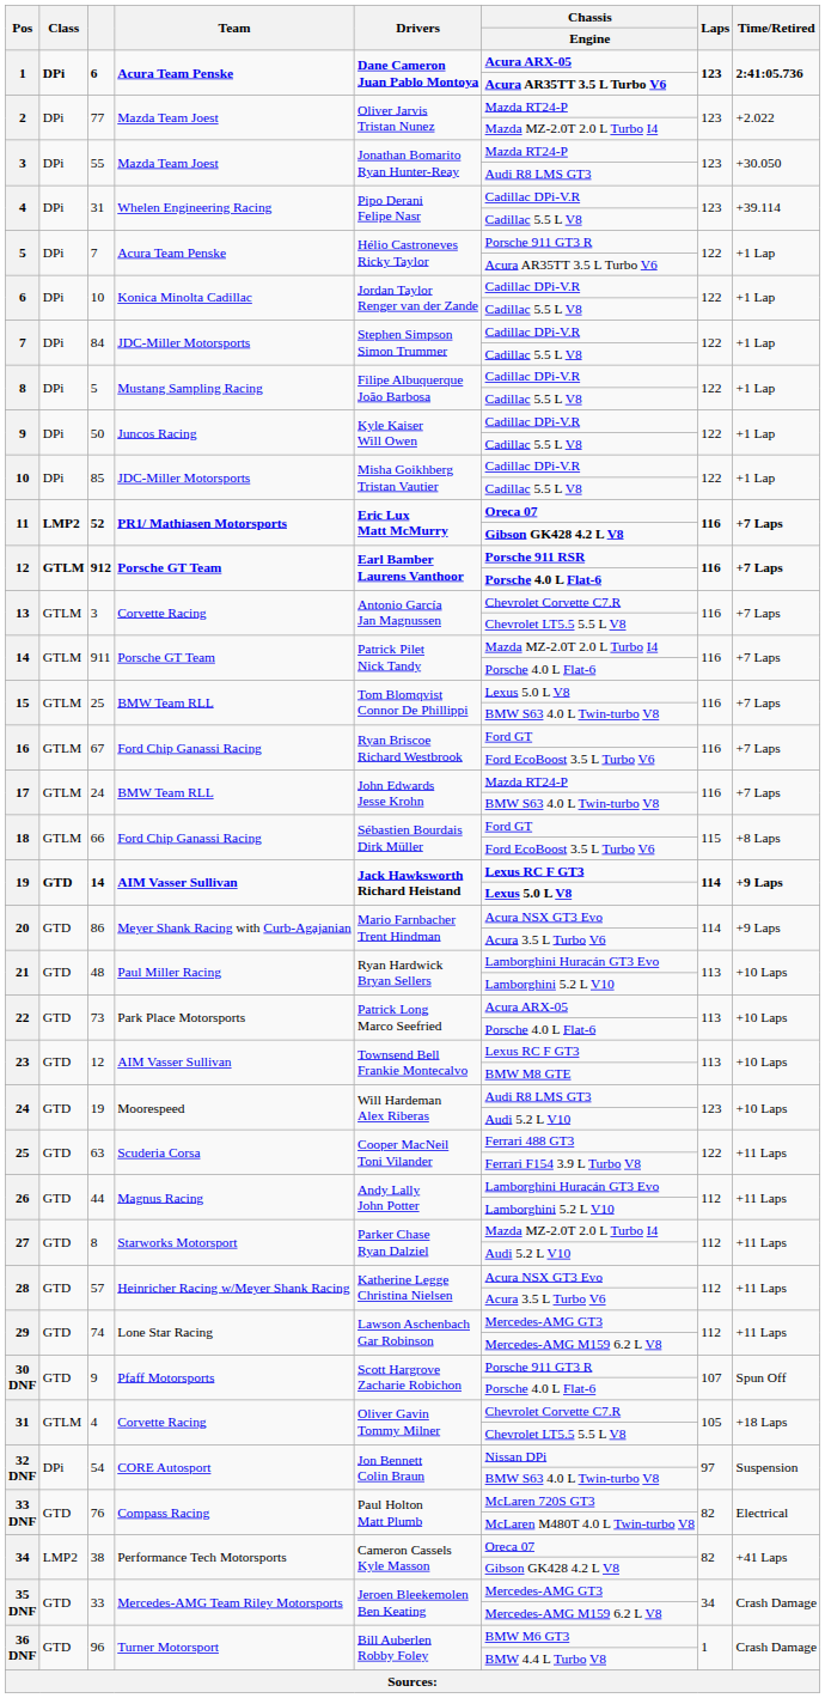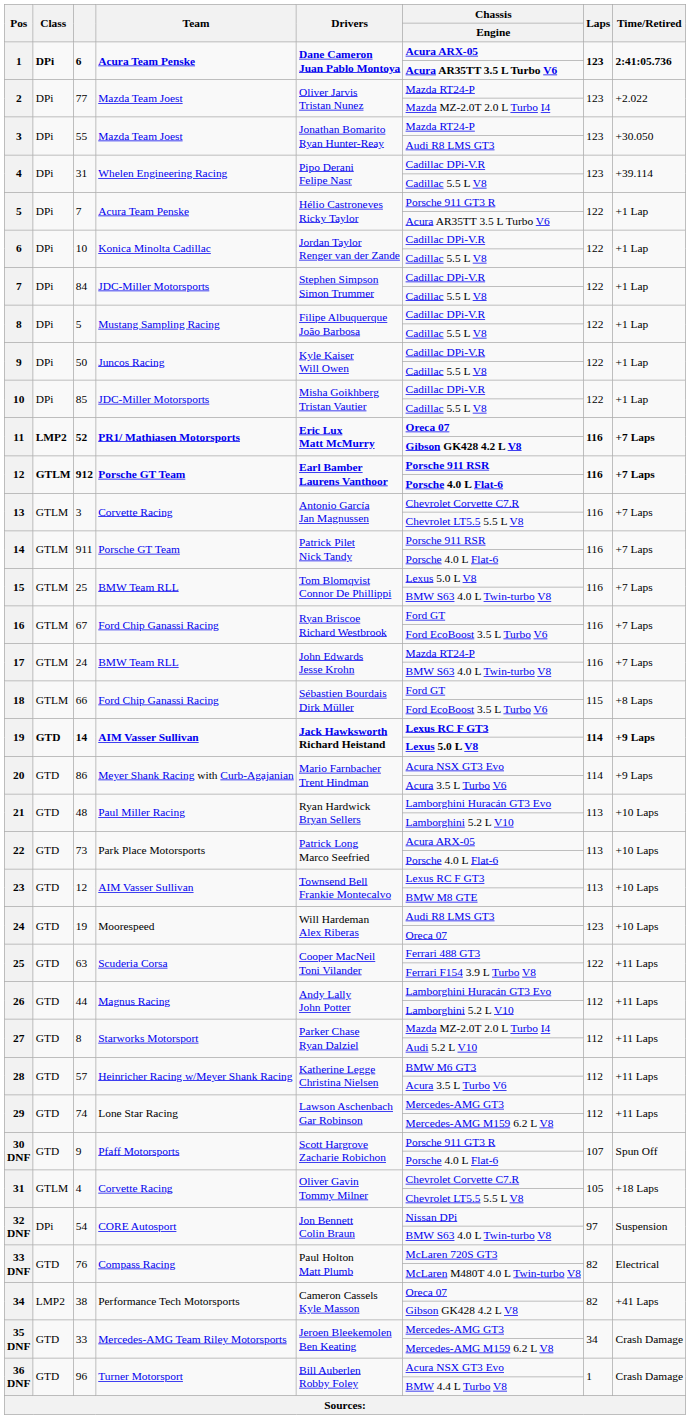 <table class="wikitable" style="font-size: 95%;">
 <tr>
 <th rowspan=2>Pos</th>
 <th rowspan=2>Class</th>
 <th rowspan=2></th>
 <th rowspan=2>Team</th>
 <th rowspan=2>Drivers</th>
 <th>Chassis</th>
 <th rowspan=2>Laps</th>
 <th rowspan=2>Time/Retired</th>
 </tr>
 <tr>
 <th>Engine</th>
 </tr>
 <tr style="font-weight:bold">
 <th rowspan=2>1</th>
 <td rowspan=2>DPi</td>
 <td rowspan=2>6</td>
 <td rowspan=2> <a href='#'>Acura Team Penske</a></td>
 <td rowspan=2> <a href='#'>Dane Cameron</a><br> <a href='#'>Juan Pablo Montoya</a></td>
 <td><a href='#'>Acura ARX-05</a></td>
 <td rowspan=2>123</td>
 <td rowspan=2>2:41:05.736</td>
 </tr>
 <tr style="font-weight:bold">
 <td><a href='#'>Acura</a> AR35TT 3.5 L Turbo <a href='#'>V6</a></td>
 </tr>
 <tr>
 <th rowspan=2>2</th>
 <td rowspan=2>DPi</td>
 <td rowspan=2>77</td>
 <td rowspan=2> <a href='#'>Mazda Team Joest</a></td>
 <td rowspan=2> <a href='#'>Oliver Jarvis</a><br> <a href='#'>Tristan Nunez</a></td>
 <td><a href='#'>Mazda RT24-P</a></td>
 <td rowspan=2>123</td>
 <td rowspan=2>+2.022</td>
 </tr>
 <tr>
 <td><a href='#'>Mazda</a> MZ-2.0T 2.0 L <a href='#'>Turbo</a> <a href='#'>I4</a></td>
 </tr>
 <tr>
 <th rowspan=2>3</th>
 <td rowspan=2>DPi</td>
 <td rowspan=2>55</td>
 <td rowspan=2> <a href='#'>Mazda Team Joest</a></td>
 <td rowspan=2> <a href='#'>Jonathan Bomarito</a><br> <a href='#'>Ryan Hunter-Reay</a></td>
 <td><a href='#'>Mazda RT24-P</a></td>
 <td rowspan=2>123</td>
 <td rowspan=2>+30.050</td>
 </tr>
 <tr>
 <td><a href='#'>Audi R8 LMS GT3</a></td>
 </tr>
 <tr>
 <th rowspan=2>4</th>
 <td rowspan=2>DPi</td>
 <td rowspan=2>31</td>
 <td rowspan=2> <a href='#'>Whelen Engineering Racing</a></td>
 <td rowspan=2> <a href='#'>Pipo Derani</a><br> <a href='#'>Felipe Nasr</a></td>
 <td><a href='#'>Cadillac DPi-V.R</a></td>
 <td rowspan=2>123</td>
 <td rowspan=2>+39.114</td>
 </tr>
 <tr>
 <td><a href='#'>Cadillac</a> 5.5 L <a href='#'>V8</a></td>
 </tr>
 <tr>
 <th rowspan=2>5</th>
 <td rowspan=2>DPi</td>
 <td rowspan=2>7</td>
 <td rowspan=2> <a href='#'>Acura Team Penske</a></td>
 <td rowspan=2> <a href='#'>Hélio Castroneves</a><br> <a href='#'>Ricky Taylor</a></td>
 <td><a href='#'>Porsche 911 GT3 R</a></td>
 <td rowspan=2>122</td>
 <td rowspan=2>+1 Lap</td>
 </tr>
 <tr>
 <td><a href='#'>Acura</a> AR35TT 3.5 L Turbo <a href='#'>V6</a></td>
 </tr>
 <tr>
 <th rowspan=2>6</th>
 <td rowspan=2>DPi</td>
 <td rowspan=2>10</td>
 <td rowspan=2> <a href='#'>Konica Minolta Cadillac</a></td>
 <td rowspan=2> <a href='#'>Jordan Taylor</a><br> <a href='#'>Renger van der Zande</a></td>
 <td><a href='#'>Cadillac DPi-V.R</a></td>
 <td rowspan=2>122</td>
 <td rowspan=2>+1 Lap</td>
 </tr>
 <tr>
 <td><a href='#'>Cadillac</a> 5.5 L <a href='#'>V8</a></td>
 </tr>
 <tr>
 <th rowspan=2>7</th>
 <td rowspan=2>DPi</td>
 <td rowspan=2>84</td>
 <td rowspan=2> <a href='#'>JDC-Miller Motorsports</a></td>
 <td rowspan=2> <a href='#'>Stephen Simpson</a><br> <a href='#'>Simon Trummer</a></td>
 <td><a href='#'>Cadillac DPi-V.R</a></td>
 <td rowspan=2>122</td>
 <td rowspan=2>+1 Lap</td>
 </tr>
 <tr>
 <td><a href='#'>Cadillac</a> 5.5 L <a href='#'>V8</a></td>
 </tr>
 <tr>
 <th rowspan=2>8</th>
 <td rowspan=2>DPi</td>
 <td rowspan=2>5</td>
 <td rowspan=2> <a href='#'>Mustang Sampling Racing</a></td>
 <td rowspan=2> <a href='#'>Filipe Albuquerque</a><br> <a href='#'>João Barbosa</a></td>
 <td><a href='#'>Cadillac DPi-V.R</a></td>
 <td rowspan=2>122</td>
 <td rowspan=2>+1 Lap</td>
 </tr>
 <tr>
 <td><a href='#'>Cadillac</a> 5.5 L <a href='#'>V8</a></td>
 </tr>
 <tr>
 <th rowspan=2>9</th>
 <td rowspan=2>DPi</td>
 <td rowspan=2>50</td>
 <td rowspan=2> <a href='#'>Juncos Racing</a></td>
 <td rowspan=2> <a href='#'>Kyle Kaiser</a><br> <a href='#'>Will Owen</a></td>
 <td><a href='#'>Cadillac DPi-V.R</a></td>
 <td rowspan=2>122</td>
 <td rowspan=2>+1 Lap</td>
 </tr>
 <tr>
 <td><a href='#'>Cadillac</a> 5.5 L <a href='#'>V8</a></td>
 </tr>
 <tr>
 <th rowspan=2>10</th>
 <td rowspan=2>DPi</td>
 <td rowspan=2>85</td>
 <td rowspan=2> <a href='#'>JDC-Miller Motorsports</a></td>
 <td rowspan=2> <a href='#'>Misha Goikhberg</a><br> <a href='#'>Tristan Vautier</a></td>
 <td><a href='#'>Cadillac DPi-V.R</a></td>
 <td rowspan=2>122</td>
 <td rowspan=2>+1 Lap</td>
 </tr>
 <tr>
 <td><a href='#'>Cadillac</a> 5.5 L <a href='#'>V8</a></td>
 </tr>
 <tr style="font-weight:bold">
 <th rowspan=2>11</th>
 <td rowspan=2>LMP2</td>
 <td rowspan=2>52</td>
 <td rowspan=2> <a href='#'>PR1/ Mathiasen Motorsports</a></td>
 <td rowspan=2> <a href='#'>Eric Lux</a><br> <a href='#'>Matt McMurry</a></td>
 <td><a href='#'>Oreca 07</a></td>
 <td rowspan=2>116</td>
 <td rowspan=2>+7 Laps</td>
 </tr>
 <tr style="font-weight:bold">
 <td><a href='#'>Gibson</a> GK428 4.2 L <a href='#'>V8</a></td>
 </tr>
 <tr style="font-weight:bold">
 <th rowspan=2>12</th>
 <td rowspan=2>GTLM</td>
 <td rowspan=2>912</td>
 <td rowspan=2> <a href='#'>Porsche GT Team</a></td>
 <td rowspan=2> <a href='#'>Earl Bamber</a><br> <a href='#'>Laurens Vanthoor</a></td>
 <td><a href='#'>Porsche 911 RSR</a></td>
 <td rowspan=2>116</td>
 <td rowspan=2>+7 Laps</td>
 </tr>
 <tr style="font-weight:bold">
 <td><a href='#'>Porsche</a> 4.0 L <a href='#'>Flat-6</a></td>
 </tr>
 <tr>
 <th rowspan=2>13</th>
 <td rowspan=2>GTLM</td>
 <td rowspan=2>3</td>
 <td rowspan=2> <a href='#'>Corvette Racing</a></td>
 <td rowspan=2> <a href='#'>Antonio García</a><br> <a href='#'>Jan Magnussen</a></td>
 <td><a href='#'>Chevrolet Corvette C7.R</a></td>
 <td rowspan=2>116</td>
 <td rowspan=2>+7 Laps</td>
 </tr>
 <tr>
 <td><a href='#'>Chevrolet LT5.5</a> 5.5 L <a href='#'>V8</a></td>
 </tr>
 <tr>
 <th rowspan=2>14</th>
 <td rowspan=2>GTLM</td>
 <td rowspan=2>911</td>
 <td rowspan=2> <a href='#'>Porsche GT Team</a></td>
 <td rowspan=2> <a href='#'>Patrick Pilet</a><br> <a href='#'>Nick Tandy</a></td>
-<td><a href='#'>Mazda</a> MZ-2.0T 2.0 L <a href='#'>Turbo</a> <a href='#'>I4</a></td>
+<td><a href='#'>Porsche 911 RSR</a></td>
 <td rowspan=2>116</td>
 <td rowspan=2>+7 Laps</td>
 </tr>
 <tr>
 <td><a href='#'>Porsche</a> 4.0 L <a href='#'>Flat-6</a></td>
 </tr>
 <tr>
 <th rowspan=2>15</th>
 <td rowspan=2>GTLM</td>
 <td rowspan=2>25</td>
 <td rowspan=2> <a href='#'>BMW Team RLL</a></td>
 <td rowspan=2> <a href='#'>Tom Blomqvist</a><br> <a href='#'>Connor De Phillippi</a></td>
 <td><a href='#'>Lexus</a> 5.0 L <a href='#'>V8</a></td>
 <td rowspan=2>116</td>
 <td rowspan=2>+7 Laps</td>
 </tr>
 <tr>
 <td><a href='#'>BMW S63</a> 4.0 L <a href='#'>Twin-turbo</a> <a href='#'>V8</a></td>
 </tr>
 <tr>
 <th rowspan=2>16</th>
 <td rowspan=2>GTLM</td>
 <td rowspan=2>67</td>
 <td rowspan=2> <a href='#'>Ford Chip Ganassi Racing</a></td>
 <td rowspan=2> <a href='#'>Ryan Briscoe</a><br> <a href='#'>Richard Westbrook</a></td>
 <td><a href='#'>Ford GT</a></td>
 <td rowspan=2>116</td>
 <td rowspan=2>+7 Laps</td>
 </tr>
 <tr>
 <td><a href='#'>Ford EcoBoost</a> 3.5 L <a href='#'>Turbo</a> <a href='#'>V6</a></td>
 </tr>
 <tr>
 <th rowspan=2>17</th>
 <td rowspan=2>GTLM</td>
 <td rowspan=2>24</td>
 <td rowspan=2> <a href='#'>BMW Team RLL</a></td>
 <td rowspan=2> <a href='#'>John Edwards</a><br> <a href='#'>Jesse Krohn</a></td>
 <td><a href='#'>Mazda RT24-P</a></td>
 <td rowspan=2>116</td>
 <td rowspan=2>+7 Laps</td>
 </tr>
 <tr>
 <td><a href='#'>BMW S63</a> 4.0 L <a href='#'>Twin-turbo</a> <a href='#'>V8</a></td>
 </tr>
 <tr>
 <th rowspan=2>18</th>
 <td rowspan=2>GTLM</td>
 <td rowspan=2>66</td>
 <td rowspan=2> <a href='#'>Ford Chip Ganassi Racing</a></td>
 <td rowspan=2> <a href='#'>Sébastien Bourdais</a><br> <a href='#'>Dirk Müller</a></td>
 <td><a href='#'>Ford GT</a></td>
 <td rowspan=2>115</td>
 <td rowspan=2>+8 Laps</td>
 </tr>
 <tr>
 <td><a href='#'>Ford EcoBoost</a> 3.5 L <a href='#'>Turbo</a> <a href='#'>V6</a></td>
 </tr>
 <tr style="font-weight:bold">
 <th rowspan=2>19</th>
 <td rowspan=2>GTD</td>
 <td rowspan=2>14</td>
 <td rowspan=2> <a href='#'>AIM Vasser Sullivan</a></td>
 <td rowspan=2> <a href='#'>Jack Hawksworth</a><br> Richard Heistand</td>
 <td><a href='#'>Lexus RC F GT3</a></td>
 <td rowspan=2>114</td>
 <td rowspan=2>+9 Laps</td>
 </tr>
 <tr style="font-weight:bold">
 <td><a href='#'>Lexus</a> 5.0 L <a href='#'>V8</a></td>
 </tr>
 <tr>
 <th rowspan=2>20</th>
 <td rowspan=2>GTD</td>
 <td rowspan=2>86</td>
 <td rowspan=2> <a href='#'>Meyer Shank Racing</a> with <a href='#'>Curb-Agajanian</a></td>
 <td rowspan=2> <a href='#'>Mario Farnbacher</a><br> <a href='#'>Trent Hindman</a></td>
 <td><a href='#'>Acura NSX GT3 Evo</a></td>
 <td rowspan=2>114</td>
 <td rowspan=2>+9 Laps</td>
 </tr>
 <tr>
 <td><a href='#'>Acura</a> 3.5 L <a href='#'>Turbo</a> <a href='#'>V6</a></td>
 </tr>
 <tr>
 <th rowspan=2>21</th>
 <td rowspan=2>GTD</td>
 <td rowspan=2>48</td>
 <td rowspan=2> <a href='#'>Paul Miller Racing</a></td>
 <td rowspan=2> Ryan Hardwick<br> <a href='#'>Bryan Sellers</a></td>
 <td><a href='#'>Lamborghini Huracán GT3 Evo</a></td>
 <td rowspan=2>113</td>
 <td rowspan=2>+10 Laps</td>
 </tr>
 <tr>
 <td><a href='#'>Lamborghini</a> 5.2 L <a href='#'>V10</a></td>
 </tr>
 <tr>
 <th rowspan=2>22</th>
 <td rowspan=2>GTD</td>
 <td rowspan=2>73</td>
 <td rowspan=2> Park Place Motorsports</td>
 <td rowspan=2> <a href='#'>Patrick Long</a><br> Marco Seefried</td>
 <td><a href='#'>Acura ARX-05</a></td>
 <td rowspan=2>113</td>
 <td rowspan=2>+10 Laps</td>
 </tr>
 <tr>
 <td><a href='#'>Porsche</a> 4.0 L <a href='#'>Flat-6</a></td>
 </tr>
 <tr>
 <th rowspan=2>23</th>
 <td rowspan=2>GTD</td>
 <td rowspan=2>12</td>
 <td rowspan=2> <a href='#'>AIM Vasser Sullivan</a></td>
 <td rowspan=2> <a href='#'>Townsend Bell</a><br> <a href='#'>Frankie Montecalvo</a></td>
 <td><a href='#'>Lexus RC F GT3</a></td>
 <td rowspan=2>113</td>
 <td rowspan=2>+10 Laps</td>
 </tr>
 <tr>
 <td><a href='#'>BMW M8 GTE</a></td>
 </tr>
 <tr>
 <th rowspan=2>24</th>
 <td rowspan=2>GTD</td>
 <td rowspan=2>19</td>
 <td rowspan=2> Moorespeed</td>
 <td rowspan=2> Will Hardeman<br> <a href='#'>Alex Riberas</a></td>
 <td><a href='#'>Audi R8 LMS GT3</a></td>
 <td rowspan=2>123</td>
 <td rowspan=2>+10 Laps</td>
 </tr>
 <tr>
-<td><a href='#'>Audi</a> 5.2 L <a href='#'>V10</a></td>
+<td><a href='#'>Oreca 07</a></td>
 </tr>
 <tr>
 <th rowspan=2>25</th>
 <td rowspan=2>GTD</td>
 <td rowspan=2>63</td>
 <td rowspan=2> <a href='#'>Scuderia Corsa</a></td>
 <td rowspan=2> <a href='#'>Cooper MacNeil</a><br> <a href='#'>Toni Vilander</a></td>
 <td><a href='#'>Ferrari 488 GT3</a></td>
 <td rowspan=2>122</td>
 <td rowspan=2>+11 Laps</td>
 </tr>
 <tr>
 <td><a href='#'>Ferrari F154</a> 3.9 L <a href='#'>Turbo</a> <a href='#'>V8</a></td>
 </tr>
 <tr>
 <th rowspan=2>26</th>
 <td rowspan=2>GTD</td>
 <td rowspan=2>44</td>
 <td rowspan=2> <a href='#'>Magnus Racing</a></td>
 <td rowspan=2> <a href='#'>Andy Lally</a><br> <a href='#'>John Potter</a></td>
 <td><a href='#'>Lamborghini Huracán GT3 Evo</a></td>
 <td rowspan=2>112</td>
 <td rowspan=2>+11 Laps</td>
 </tr>
 <tr>
 <td><a href='#'>Lamborghini</a> 5.2 L <a href='#'>V10</a></td>
 </tr>
 <tr>
 <th rowspan=2>27</th>
 <td rowspan=2>GTD</td>
 <td rowspan=2>8</td>
 <td rowspan=2> <a href='#'>Starworks Motorsport</a></td>
 <td rowspan=2> <a href='#'>Parker Chase</a><br> <a href='#'>Ryan Dalziel</a></td>
 <td><a href='#'>Mazda</a> MZ-2.0T 2.0 L <a href='#'>Turbo</a> <a href='#'>I4</a></td>
 <td rowspan=2>112</td>
 <td rowspan=2>+11 Laps</td>
 </tr>
 <tr>
 <td><a href='#'>Audi</a> 5.2 L <a href='#'>V10</a></td>
 </tr>
 <tr>
 <th rowspan=2>28</th>
 <td rowspan=2>GTD</td>
 <td rowspan=2>57</td>
 <td rowspan=2> <a href='#'>Heinricher Racing w/Meyer Shank Racing</a></td>
 <td rowspan=2> <a href='#'>Katherine Legge</a><br> <a href='#'>Christina Nielsen</a></td>
-<td><a href='#'>Acura NSX GT3 Evo</a></td>
+<td><a href='#'>BMW M6 GT3</a></td>
 <td rowspan=2>112</td>
 <td rowspan=2>+11 Laps</td>
 </tr>
 <tr>
 <td><a href='#'>Acura</a> 3.5 L <a href='#'>Turbo</a> <a href='#'>V6</a></td>
 </tr>
 <tr>
 <th rowspan=2>29</th>
 <td rowspan=2>GTD</td>
 <td rowspan=2>74</td>
 <td rowspan=2> Lone Star Racing</td>
 <td rowspan=2> <a href='#'>Lawson Aschenbach</a><br> <a href='#'>Gar Robinson</a></td>
 <td><a href='#'>Mercedes-AMG GT3</a></td>
 <td rowspan=2>112</td>
 <td rowspan=2>+11 Laps</td>
 </tr>
 <tr>
 <td><a href='#'>Mercedes-AMG M159</a> 6.2 L <a href='#'>V8</a></td>
 </tr>
 <tr>
 <th rowspan=2>30<br>DNF</th>
 <td rowspan=2>GTD</td>
 <td rowspan=2>9</td>
 <td rowspan=2> <a href='#'>Pfaff Motorsports</a></td>
 <td rowspan=2> <a href='#'>Scott Hargrove</a><br> <a href='#'>Zacharie Robichon</a></td>
 <td><a href='#'>Porsche 911 GT3 R</a></td>
 <td rowspan=2>107</td>
 <td rowspan=2>Spun Off</td>
 </tr>
 <tr>
 <td><a href='#'>Porsche</a> 4.0 L <a href='#'>Flat-6</a></td>
 </tr>
 <tr>
 <th rowspan=2>31</th>
 <td rowspan=2>GTLM</td>
 <td rowspan=2>4</td>
 <td rowspan=2> <a href='#'>Corvette Racing</a></td>
 <td rowspan=2> <a href='#'>Oliver Gavin</a><br> <a href='#'>Tommy Milner</a></td>
 <td><a href='#'>Chevrolet Corvette C7.R</a></td>
 <td rowspan=2>105</td>
 <td rowspan=2>+18 Laps</td>
 </tr>
 <tr>
 <td><a href='#'>Chevrolet LT5.5</a> 5.5 L <a href='#'>V8</a></td>
 </tr>
 <tr>
 <th rowspan=2>32<br>DNF</th>
 <td rowspan=2>DPi</td>
 <td rowspan=2>54</td>
 <td rowspan=2> <a href='#'>CORE Autosport</a></td>
 <td rowspan=2> <a href='#'>Jon Bennett</a><br> <a href='#'>Colin Braun</a></td>
 <td><a href='#'>Nissan DPi</a></td>
 <td rowspan=2>97</td>
 <td rowspan=2>Suspension</td>
 </tr>
 <tr>
 <td><a href='#'>BMW S63</a> 4.0 L <a href='#'>Twin-turbo</a> <a href='#'>V8</a></td>
 </tr>
 <tr>
 <th rowspan=2>33<br>DNF</th>
 <td rowspan=2>GTD</td>
 <td rowspan=2>76</td>
 <td rowspan=2> <a href='#'>Compass Racing</a></td>
 <td rowspan=2> Paul Holton<br> <a href='#'>Matt Plumb</a></td>
 <td><a href='#'>McLaren 720S GT3</a></td>
 <td rowspan=2>82</td>
 <td rowspan=2>Electrical</td>
 </tr>
 <tr>
 <td><a href='#'>McLaren</a> M480T 4.0 L <a href='#'>Twin-turbo</a> <a href='#'>V8</a></td>
 </tr>
 <tr>
 <th rowspan=2>34</th>
 <td rowspan=2>LMP2</td>
 <td rowspan=2>38</td>
 <td rowspan=2> Performance Tech Motorsports</td>
 <td rowspan=2> Cameron Cassels<br> <a href='#'>Kyle Masson</a></td>
 <td><a href='#'>Oreca 07</a></td>
 <td rowspan=2>82</td>
 <td rowspan=2>+41 Laps</td>
 </tr>
 <tr>
 <td><a href='#'>Gibson</a> GK428 4.2 L <a href='#'>V8</a></td>
 </tr>
 <tr>
 <th rowspan=2>35<br>DNF</th>
 <td rowspan=2>GTD</td>
 <td rowspan=2>33</td>
 <td rowspan=2> <a href='#'>Mercedes-AMG Team Riley Motorsports</a></td>
 <td rowspan=2> <a href='#'>Jeroen Bleekemolen</a><br> <a href='#'>Ben Keating</a></td>
 <td><a href='#'>Mercedes-AMG GT3</a></td>
 <td rowspan=2>34</td>
 <td rowspan=2>Crash Damage</td>
 </tr>
 <tr>
 <td><a href='#'>Mercedes-AMG M159</a> 6.2 L <a href='#'>V8</a></td>
 </tr>
 <tr>
 <th rowspan=2>36<br>DNF</th>
 <td rowspan=2>GTD</td>
 <td rowspan=2>96</td>
 <td rowspan=2> <a href='#'>Turner Motorsport</a></td>
 <td rowspan=2> <a href='#'>Bill Auberlen</a><br> <a href='#'>Robby Foley</a></td>
-<td><a href='#'>BMW M6 GT3</a></td>
+<td><a href='#'>Acura NSX GT3 Evo</a></td>
 <td rowspan=2>1</td>
 <td rowspan=2>Crash Damage</td>
 </tr>
 <tr>
 <td><a href='#'>BMW</a> 4.4 L <a href='#'>Turbo</a> <a href='#'>V8</a></td>
 </tr>
 <tr>
 <th colspan=8>Sources:</th>
 </tr>
 </table>
